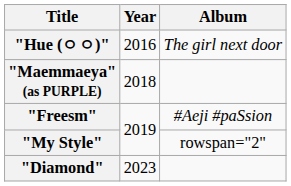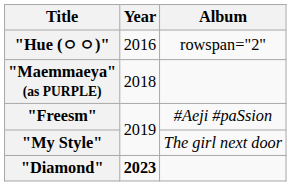 <table class="wikitable plainrowheaders" style="text-align:center;">
 <tr>
 <th scope="col">Title</th>
 <th scope="col">Year</th>
 <th scope="col">Album</th>
 </tr>
 <tr>
 <th scope="row">"Hue (ㅇㅇ)"</th>
 <td>2016</td>
-<td><em>The girl next door</em></td>
+<td>rowspan="2" </td>
 </tr>
 <tr>
 <th scope="row">"Maemmaeya" <br><small>(as PURPLE)</small></th>
 <td>2018</td>
 <td></td>
 </tr>
 <tr>
 <th scope="row">"Freesm"</th>
 <td rowspan="2">2019</td>
 <td><em>#Aeji #paSsion</em></td>
 </tr>
 <tr>
 <th scope="row">"My Style" </th>
-<td>rowspan="2" </td>
+<td><em>The girl next door</em></td>
 </tr>
 <tr>
 <th scope="row">"Diamond"</th>
-<td>2023</td>
+<td><strong>2023</strong></td>
 </tr>
 </table>
